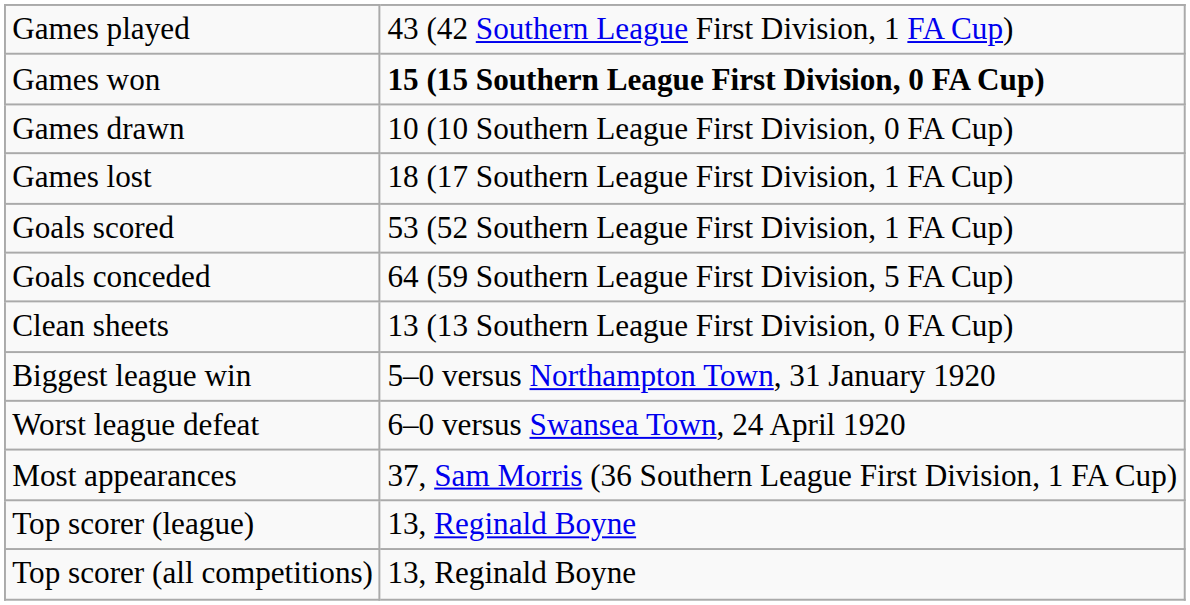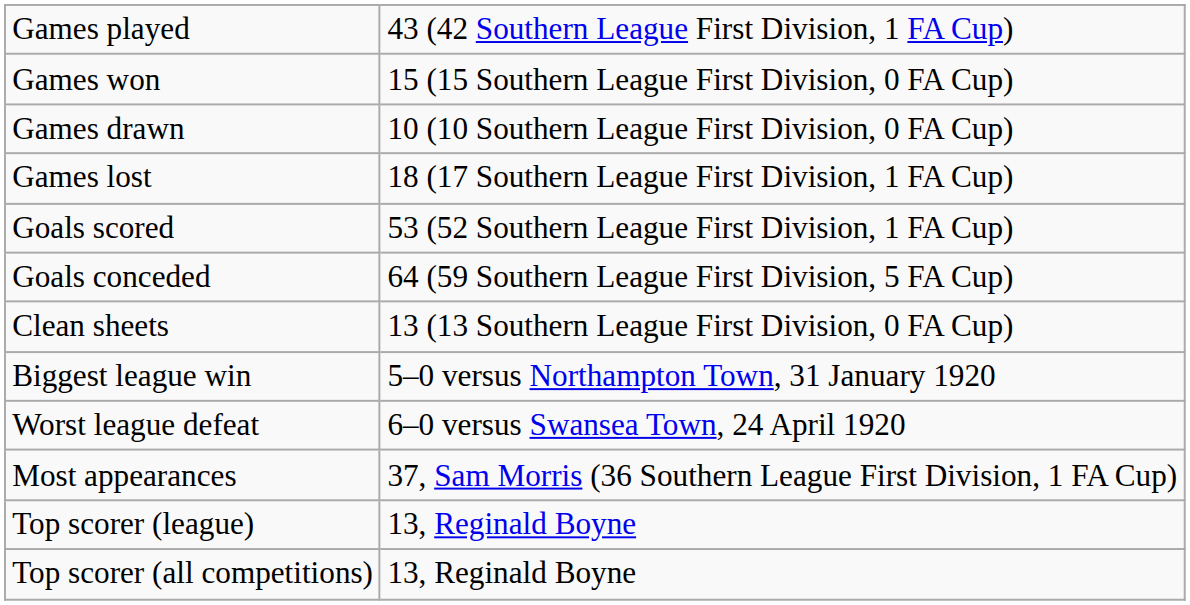 <table class="wikitable">
 <tr>
 <td>Games played</td>
 <td>43 (42 <a href='#'>Southern League</a> First Division, 1 <a href='#'>FA Cup</a>)</td>
 </tr>
 <tr>
 <td>Games won</td>
-<td><strong>15 (15 Southern League First Division, 0 FA Cup)</strong></td>
+<td>15 (15 Southern League First Division, 0 FA Cup)</td>
 </tr>
 <tr>
 <td>Games drawn</td>
 <td>10 (10 Southern League First Division, 0 FA Cup)</td>
 </tr>
 <tr>
 <td>Games lost</td>
 <td>18 (17 Southern League First Division, 1 FA Cup)</td>
 </tr>
 <tr>
 <td>Goals scored</td>
 <td>53 (52 Southern League First Division, 1 FA Cup)</td>
 </tr>
 <tr>
 <td>Goals conceded</td>
 <td>64 (59 Southern League First Division, 5 FA Cup)</td>
 </tr>
 <tr>
 <td>Clean sheets</td>
 <td>13 (13 Southern League First Division, 0 FA Cup)</td>
 </tr>
 <tr>
 <td>Biggest league win</td>
 <td>5–0 versus <a href='#'>Northampton Town</a>, 31 January 1920</td>
 </tr>
 <tr>
 <td>Worst league defeat</td>
 <td>6–0 versus <a href='#'>Swansea Town</a>, 24 April 1920</td>
 </tr>
 <tr>
 <td>Most appearances</td>
 <td>37, <a href='#'>Sam Morris</a> (36 Southern League First Division, 1 FA Cup)</td>
 </tr>
 <tr>
 <td>Top scorer (league)</td>
 <td>13, <a href='#'>Reginald Boyne</a></td>
 </tr>
 <tr>
 <td>Top scorer (all competitions)</td>
 <td>13, Reginald Boyne</td>
 </tr>
 </table>
